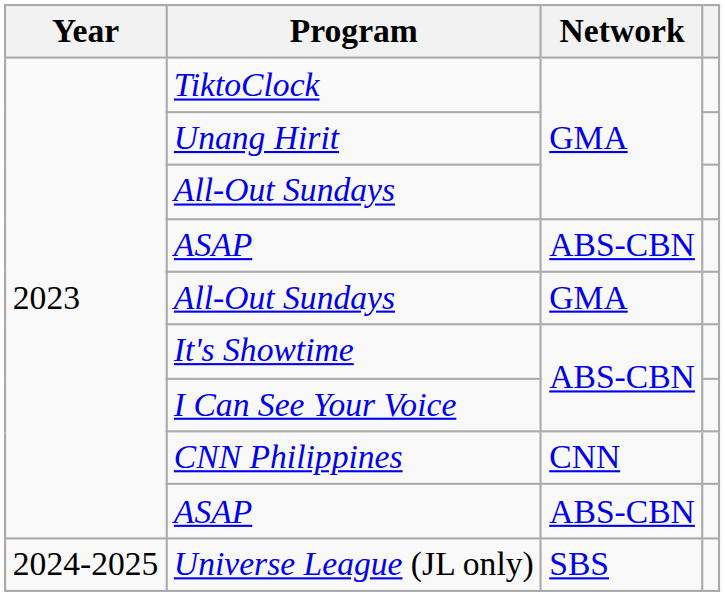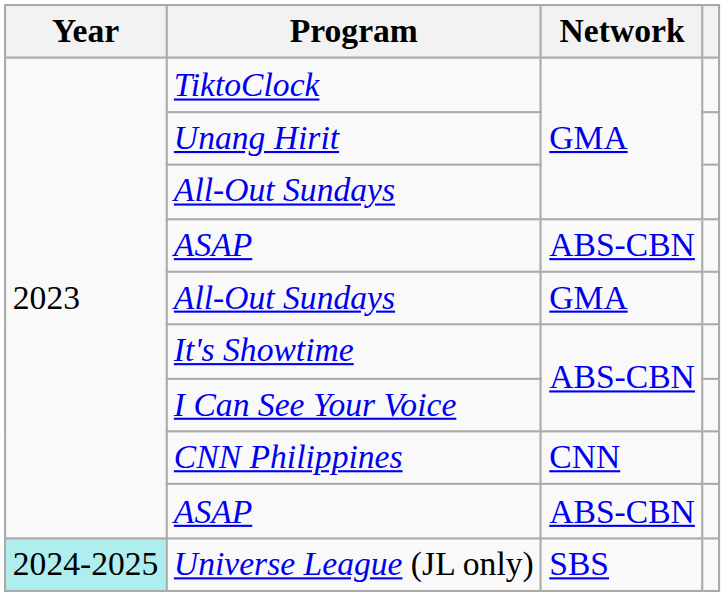 <table class="wikitable">
 <tr>
 <th>Year</th>
 <th>Program</th>
 <th>Network</th>
 <th></th>
 </tr>
 <tr>
 <td rowspan="9">2023</td>
 <td><em><a href='#'>TiktoClock</a></em></td>
 <td rowspan="3"><a href='#'>GMA</a></td>
 <td></td>
 </tr>
 <tr>
 <td><em><a href='#'>Unang Hirit</a></em></td>
 <td></td>
 </tr>
 <tr>
 <td><em><a href='#'>All-Out Sundays</a></em></td>
 <td></td>
 </tr>
 <tr>
 <td><a href='#'><em>ASAP</em></a></td>
 <td><a href='#'>ABS-CBN</a></td>
 <td></td>
 </tr>
 <tr>
 <td><em><a href='#'>All-Out Sundays</a></em></td>
 <td><a href='#'>GMA</a></td>
 <td></td>
 </tr>
 <tr>
 <td><a href='#'><em>It's Showtime</em></a></td>
 <td rowspan="2"><a href='#'>ABS-CBN</a></td>
 <td></td>
 </tr>
 <tr>
 <td><a href='#'><em>I Can See Your Voice</em></a></td>
 <td></td>
 </tr>
 <tr>
 <td><em><a href='#'>CNN Philippines</a></em></td>
 <td><a href='#'>CNN</a></td>
 <td></td>
 </tr>
 <tr>
 <td><a href='#'><em>ASAP</em></a></td>
 <td><a href='#'>ABS-CBN</a></td>
 </tr>
 <tr>
-<td rowspan="1">2024-2025</td>
+<td rowspan="1" style="background: paleturquoise;">2024-2025</td>
 <td><em><a href='#'>Universe League</a></em> (JL only)</td>
 <td><a href='#'>SBS</a></td>
 <td></td>
 </tr>
 </table>
